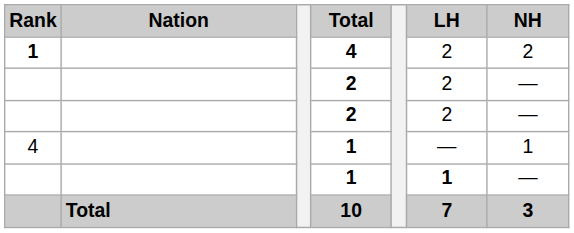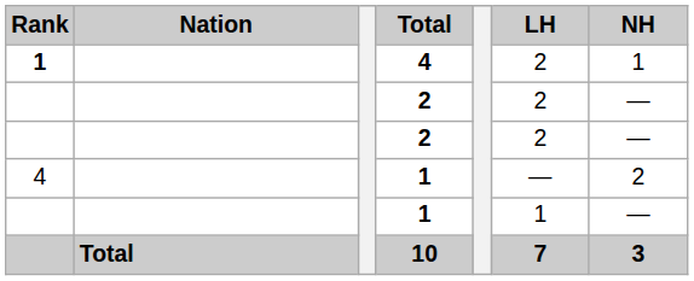 <table class="wikitable plainrowheaders" style="background:#fff; font-size:86%; line-height:16px; border:grey solid 1px; border-collapse:collapse;">
 <tr style="background:#ccc; text-align:center;">
 <th style="background:#ccc;">Rank</th>
 <th style="background:#ccc;">Nation</th>
 <th rowspan="7" width="2"> </th>
 <th width="51" style="background:#ccc;">Total</th>
 <th rowspan="7" width="2"> </th>
 <th width="51" style="background:#ccc;">LH</th>
 <th width="51" style="background:#ccc;">NH</th>
 </tr>
 <tr align=center>
 <td align=center><strong>1</strong></td>
 <td align=left width=160></td>
 <td><strong>4</strong></td>
 <td>2</td>
-<td>2</td>
+<td>1</td>
 </tr>
 <tr align=center>
 <td align=center></td>
 <td align=left></td>
 <td><strong>2</strong></td>
 <td>2</td>
 <td>—</td>
 </tr>
 <tr align=center>
 <td align=center></td>
 <td align=left></td>
 <td><strong>2</strong></td>
 <td>2</td>
 <td>—</td>
 </tr>
 <tr align=center>
 <td align=center>4</td>
 <td align=left></td>
 <td><strong>1</strong></td>
 <td>—</td>
-<td>1</td>
+<td>2</td>
 </tr>
 <tr align=center>
 <td align=center></td>
 <td align=left></td>
 <td><strong>1</strong></td>
-<td><strong>1</strong></td>
+<td>1</td>
 <td>—</td>
 </tr>
 <tr bgcolor=#D3D3D3 align=center>
 <th style="background:#ccc;"></th>
 <td style="background:#ccc;" align=left><strong>Total</strong></td>
 <th style="background:#ccc;">10</th>
 <th style="background:#ccc;">7</th>
 <th style="background:#ccc;">3</th>
 </tr>
 </table>
